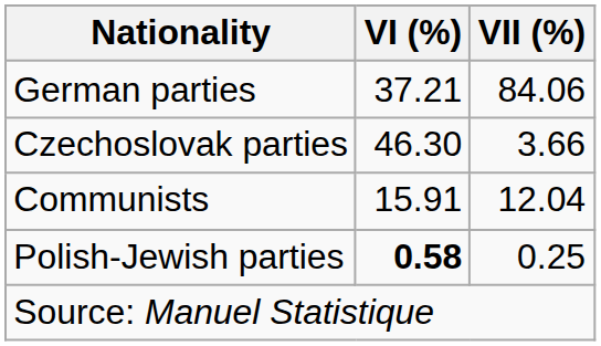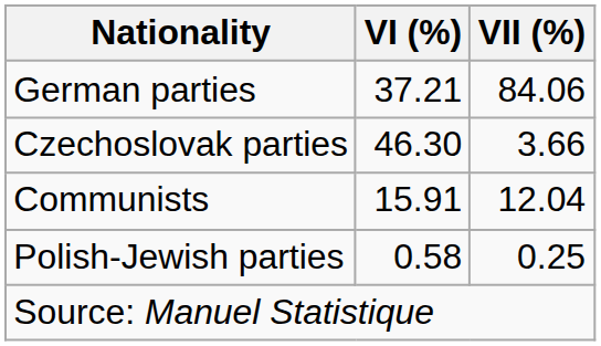 <table class=wikitable style=text-align:right>
 <tr>
 <th>Nationality</th>
 <th>VI (%)</th>
 <th>VII (%)</th>
 </tr>
 <tr>
 <td align=left>German parties</td>
 <td>37.21</td>
 <td>84.06</td>
 </tr>
 <tr>
 <td align=left>Czechoslovak parties</td>
 <td>46.30</td>
 <td>3.66</td>
 </tr>
 <tr>
 <td align=left>Communists</td>
 <td>15.91</td>
 <td>12.04</td>
 </tr>
 <tr>
 <td align=left>Polish-Jewish parties</td>
-<td><strong>0.58</strong></td>
+<td>0.58</td>
 <td>0.25</td>
 </tr>
 <tr>
 <td align=left colspan=3>Source: <em>Manuel Statistique</em></td>
 </tr>
 </table>
